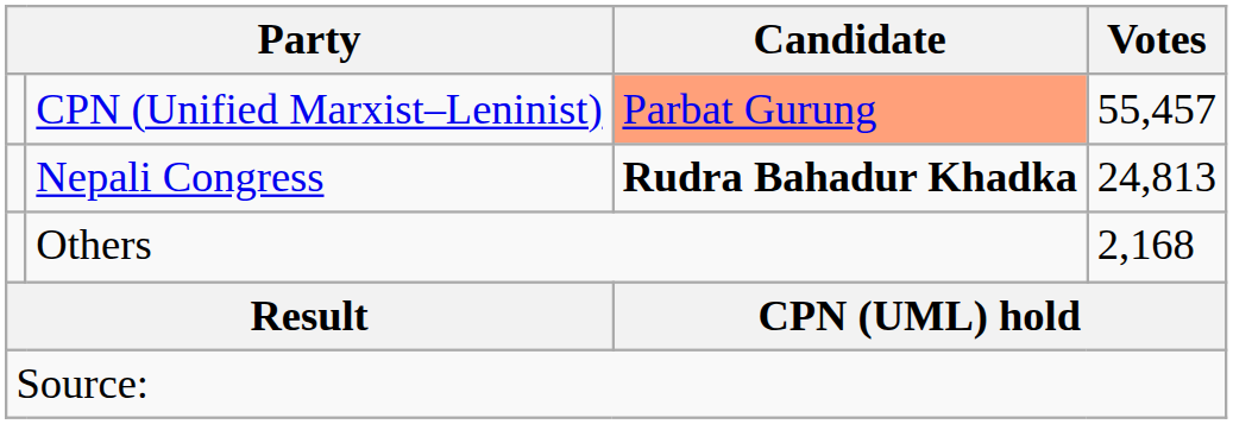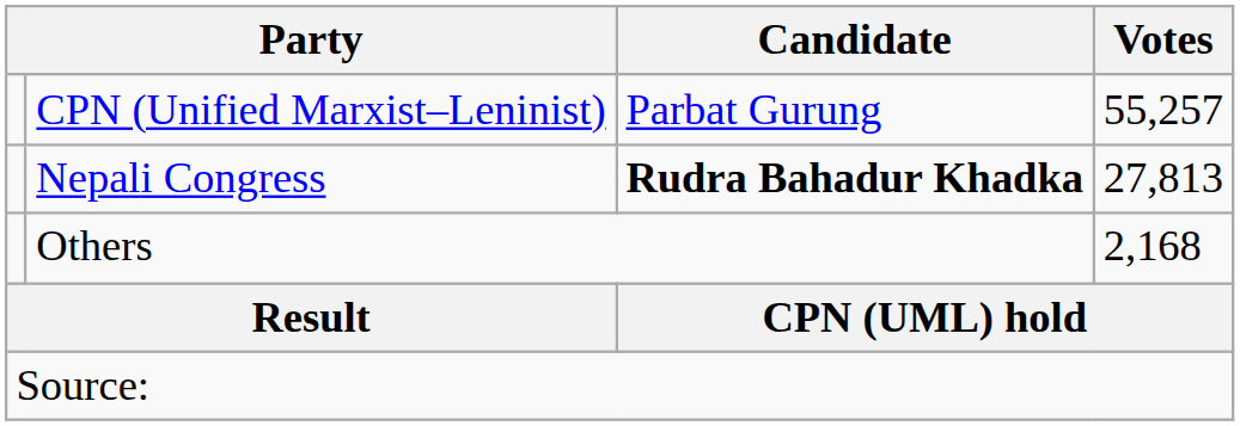 <table class="wikitable">
 <tr>
 <th colspan="2">Party</th>
 <th>Candidate</th>
 <th>Votes</th>
 </tr>
 <tr>
 <td style="background-color:"></td>
 <td><a href='#'>CPN (Unified Marxist–Leninist)</a></td>
-<td style="background: lightsalmon;"><a href='#'>Parbat Gurung</a></td>
-<td>55,457</td>
+<td><a href='#'>Parbat Gurung</a></td>
+<td>55,257</td>
 </tr>
 <tr>
 <td style="background-color:"></td>
 <td><a href='#'>Nepali Congress</a></td>
 <td><strong>Rudra Bahadur Khadka</strong></td>
-<td>24,813</td>
+<td>27,813</td>
 </tr>
 <tr>
 <td></td>
 <td colspan="2">Others</td>
 <td>2,168</td>
 </tr>
 <tr>
 <th colspan="2">Result</th>
 <th colspan="2">CPN (UML) hold</th>
 </tr>
 <tr>
 <td colspan="4">Source: </td>
 </tr>
 </table>
